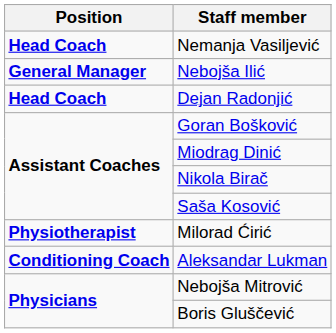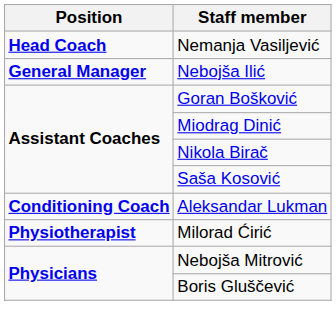 <table class="wikitable">
 <tr>
 <th>Position</th>
 <th>Staff member</th>
 </tr>
 <tr>
 <td><strong><a href='#'>Head Coach</a></strong></td>
 <td> Nemanja Vasiljević</td>
 </tr>
 <tr>
 <td><strong><a href='#'>General Manager</a></strong></td>
 <td> <a href='#'>Nebojša Ilić</a></td>
-</tr>
-<tr>
-<td><strong><a href='#'>Head Coach</a></strong></td>
-<td> <a href='#'>Dejan Radonjić</a></td>
 </tr>
 <tr>
 <td rowspan=4><strong>Assistant Coaches</strong></td>
 <td> <a href='#'>Goran Bošković</a></td>
 </tr>
 <tr>
 <td> <a href='#'>Miodrag Dinić</a></td>
 </tr>
 <tr>
 <td> <a href='#'>Nikola Birač</a></td>
 </tr>
 <tr>
 <td> <a href='#'>Saša Kosović</a></td>
 </tr>
 <tr>
+<td><strong><a href='#'>Conditioning Coach</a></strong></td>
+<td> <a href='#'>Aleksandar Lukman</a></td>
+</tr>
+<tr>
 <td><strong><a href='#'>Physiotherapist</a></strong></td>
 <td> Milorad Ćirić</td>
-</tr>
-<tr>
-<td><strong><a href='#'>Conditioning Coach</a></strong></td>
-<td> <a href='#'>Aleksandar Lukman</a></td>
 </tr>
 <tr>
 <td rowspan=2><strong><a href='#'>Physicians</a></strong></td>
 <td> Nebojša Mitrović</td>
 </tr>
 <tr>
 <td> Boris Gluščević</td>
 </tr>
 </table>
